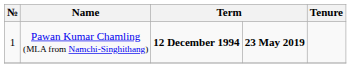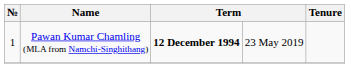 <table class="wikitable">
 <tr>
 <th scope=col>№</th>
 <th scope=col>Name</th>
 <th scope=col colspan=2>Term</th>
 <th scope=col>Tenure</th>
 </tr>
 <tr align=center style="height: 60px;">
 <td>1</td>
 <td><a href='#'>Pawan Kumar Chamling</a><br><small>(MLA from <a href='#'>Namchi-Singhithang</a>)</small></td>
 <td><strong>12 December 1994</strong></td>
-<td><strong>23 May 2019</strong></td>
+<td>23 May 2019</td>
 <td></td>
 </tr>
 <tr>
 </tr>
 </table>
